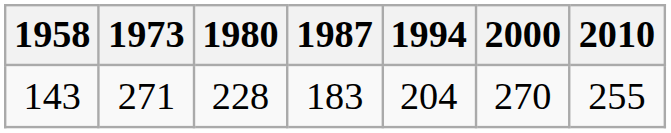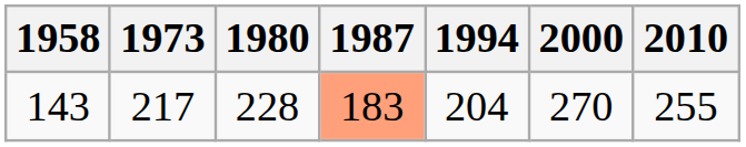 <table class="wikitable sortable" style="text-align:center;">
 <tr>
 <th>1958 </th>
 <th>1973 </th>
 <th>1980 </th>
 <th>1987 </th>
 <th>1994 </th>
 <th>2000</th>
 <th>2010 </th>
 </tr>
 <tr>
 <td>143</td>
-<td>271</td>
+<td>217</td>
 <td>228</td>
-<td>183</td>
+<td style="background: lightsalmon;">183</td>
 <td>204</td>
 <td>270</td>
 <td>255</td>
 </tr>
 </table>
